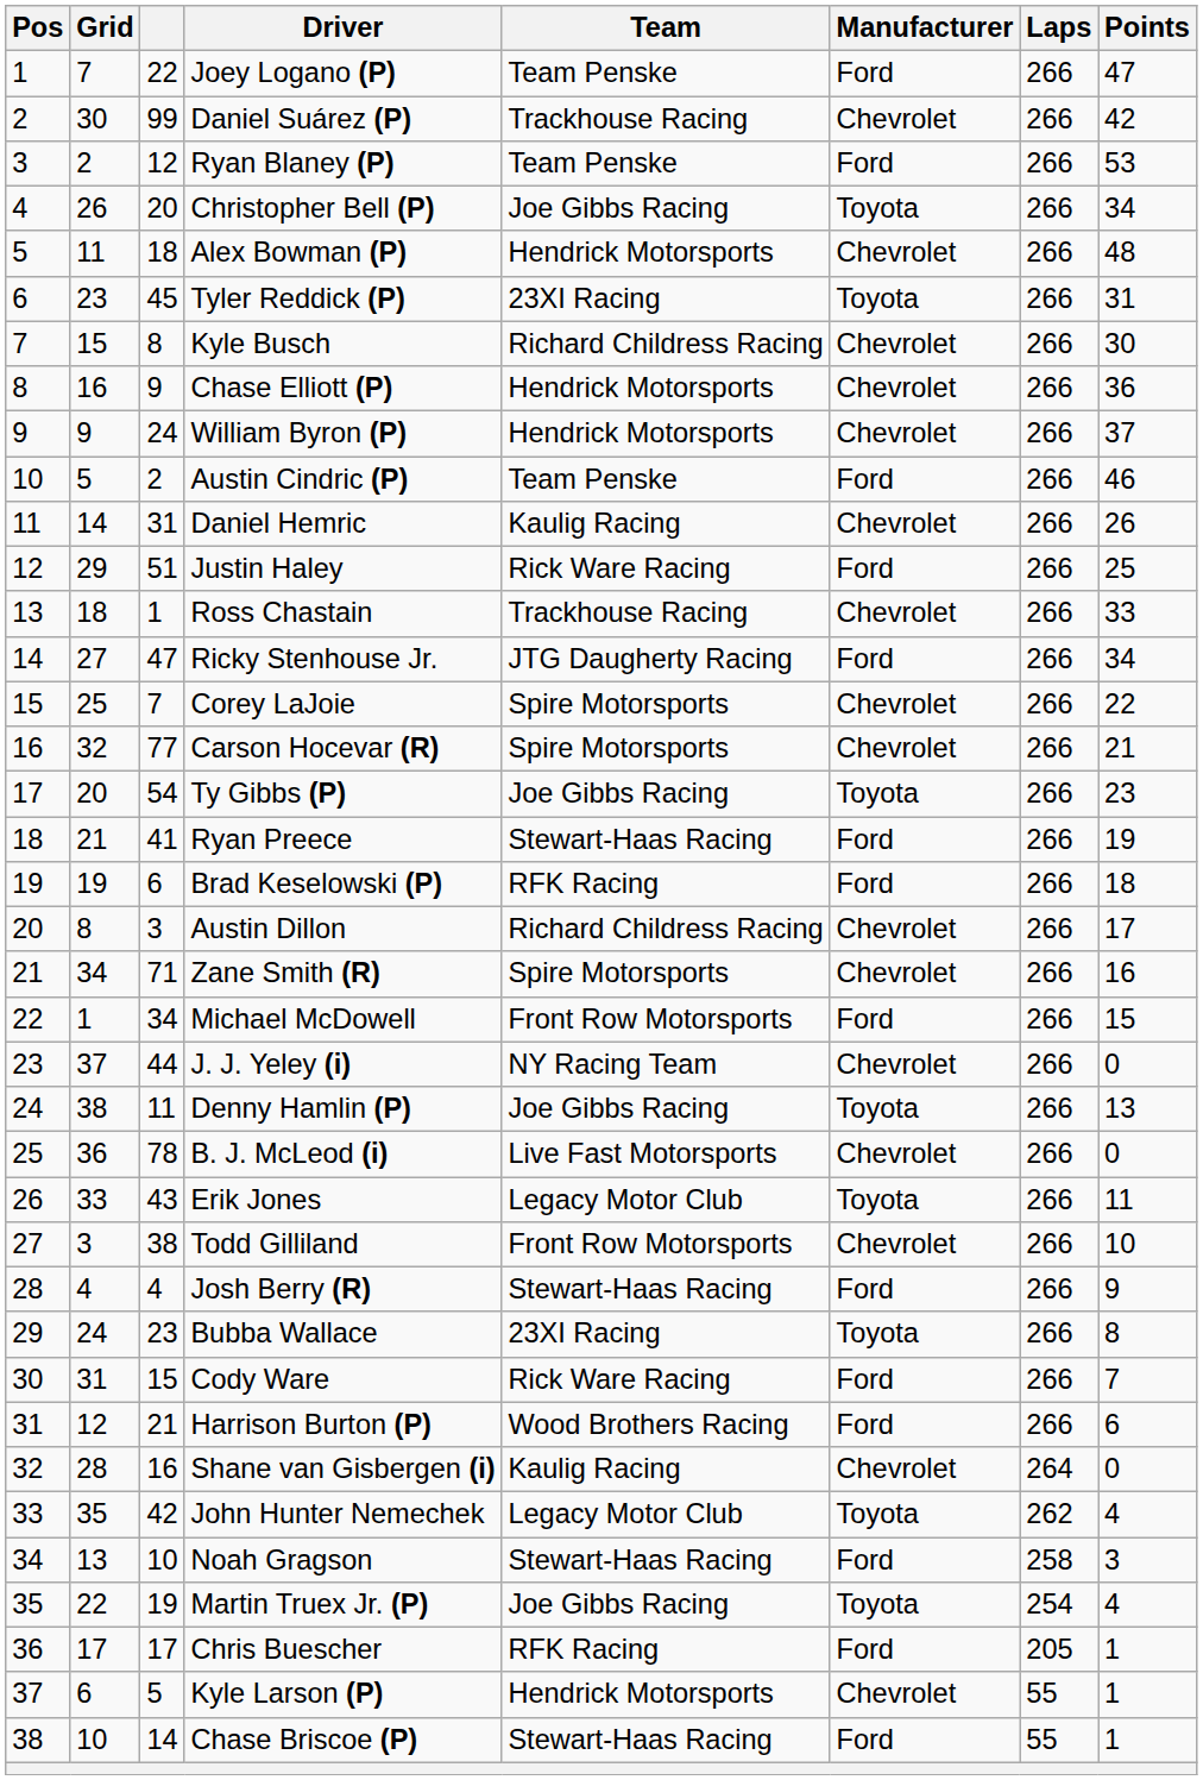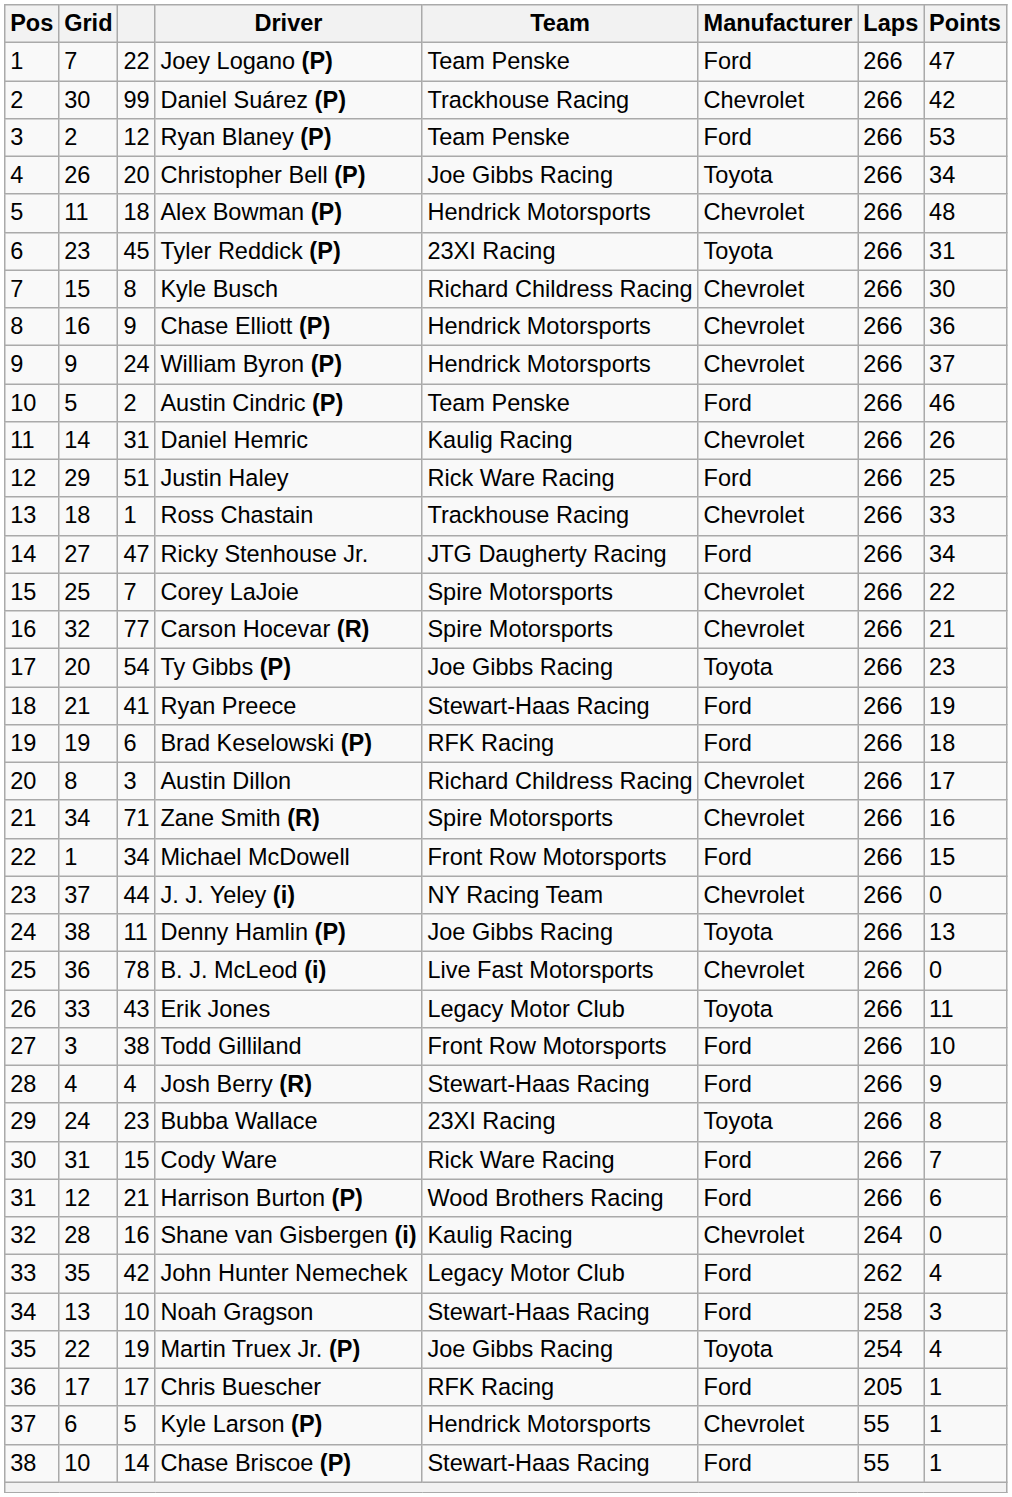 <table class="wikitable" style="font-size:98%">
 <tr>
 <th>Pos</th>
 <th>Grid</th>
 <th></th>
 <th>Driver</th>
 <th>Team</th>
 <th>Manufacturer</th>
 <th>Laps</th>
 <th>Points</th>
 </tr>
 <tr>
 <td>1</td>
 <td>7</td>
 <td>22</td>
 <td>Joey Logano <strong>(P)</strong></td>
 <td>Team Penske</td>
 <td>Ford</td>
 <td>266</td>
 <td>47</td>
 </tr>
 <tr>
 <td>2</td>
 <td>30</td>
 <td>99</td>
 <td>Daniel Suárez <strong>(P)</strong></td>
 <td>Trackhouse Racing</td>
 <td>Chevrolet</td>
 <td>266</td>
 <td>42</td>
 </tr>
 <tr>
 <td>3</td>
 <td>2</td>
 <td>12</td>
 <td>Ryan Blaney <strong>(P)</strong></td>
 <td>Team Penske</td>
 <td>Ford</td>
 <td>266</td>
 <td>53</td>
 </tr>
 <tr>
 <td>4</td>
 <td>26</td>
 <td>20</td>
 <td>Christopher Bell <strong>(P)</strong></td>
 <td>Joe Gibbs Racing</td>
 <td>Toyota</td>
 <td>266</td>
 <td>34</td>
 </tr>
 <tr>
 <td>5</td>
 <td>11</td>
 <td>18</td>
 <td>Alex Bowman <strong>(P)</strong></td>
 <td>Hendrick Motorsports</td>
 <td>Chevrolet</td>
 <td>266</td>
 <td>48</td>
 </tr>
 <tr>
 <td>6</td>
 <td>23</td>
 <td>45</td>
 <td>Tyler Reddick <strong>(P)</strong></td>
 <td>23XI Racing</td>
 <td>Toyota</td>
 <td>266</td>
 <td>31</td>
 </tr>
 <tr>
 <td>7</td>
 <td>15</td>
 <td>8</td>
 <td>Kyle Busch</td>
 <td>Richard Childress Racing</td>
 <td>Chevrolet</td>
 <td>266</td>
 <td>30</td>
 </tr>
 <tr>
 <td>8</td>
 <td>16</td>
 <td>9</td>
 <td>Chase Elliott <strong>(P)</strong></td>
 <td>Hendrick Motorsports</td>
 <td>Chevrolet</td>
 <td>266</td>
 <td>36</td>
 </tr>
 <tr>
 <td>9</td>
 <td>9</td>
 <td>24</td>
 <td>William Byron <strong>(P)</strong></td>
 <td>Hendrick Motorsports</td>
 <td>Chevrolet</td>
 <td>266</td>
 <td>37</td>
 </tr>
 <tr>
 <td>10</td>
 <td>5</td>
 <td>2</td>
 <td>Austin Cindric <strong>(P)</strong></td>
 <td>Team Penske</td>
 <td>Ford</td>
 <td>266</td>
 <td>46</td>
 </tr>
 <tr>
 <td>11</td>
 <td>14</td>
 <td>31</td>
 <td>Daniel Hemric</td>
 <td>Kaulig Racing</td>
 <td>Chevrolet</td>
 <td>266</td>
 <td>26</td>
 </tr>
 <tr>
 <td>12</td>
 <td>29</td>
 <td>51</td>
 <td>Justin Haley</td>
 <td>Rick Ware Racing</td>
 <td>Ford</td>
 <td>266</td>
 <td>25</td>
 </tr>
 <tr>
 <td>13</td>
 <td>18</td>
 <td>1</td>
 <td>Ross Chastain</td>
 <td>Trackhouse Racing</td>
 <td>Chevrolet</td>
 <td>266</td>
 <td>33</td>
 </tr>
 <tr>
 <td>14</td>
 <td>27</td>
 <td>47</td>
 <td>Ricky Stenhouse Jr.</td>
 <td>JTG Daugherty Racing</td>
 <td>Ford</td>
 <td>266</td>
 <td>34</td>
 </tr>
 <tr>
 <td>15</td>
 <td>25</td>
 <td>7</td>
 <td>Corey LaJoie</td>
 <td>Spire Motorsports</td>
 <td>Chevrolet</td>
 <td>266</td>
 <td>22</td>
 </tr>
 <tr>
 <td>16</td>
 <td>32</td>
 <td>77</td>
 <td>Carson Hocevar <strong>(R)</strong></td>
 <td>Spire Motorsports</td>
 <td>Chevrolet</td>
 <td>266</td>
 <td>21</td>
 </tr>
 <tr>
 <td>17</td>
 <td>20</td>
 <td>54</td>
 <td>Ty Gibbs <strong>(P)</strong></td>
 <td>Joe Gibbs Racing</td>
 <td>Toyota</td>
 <td>266</td>
 <td>23</td>
 </tr>
 <tr>
 <td>18</td>
 <td>21</td>
 <td>41</td>
 <td>Ryan Preece</td>
 <td>Stewart-Haas Racing</td>
 <td>Ford</td>
 <td>266</td>
 <td>19</td>
 </tr>
 <tr>
 <td>19</td>
 <td>19</td>
 <td>6</td>
 <td>Brad Keselowski <strong>(P)</strong></td>
 <td>RFK Racing</td>
 <td>Ford</td>
 <td>266</td>
 <td>18</td>
 </tr>
 <tr>
 <td>20</td>
 <td>8</td>
 <td>3</td>
 <td>Austin Dillon</td>
 <td>Richard Childress Racing</td>
 <td>Chevrolet</td>
 <td>266</td>
 <td>17</td>
 </tr>
 <tr>
 <td>21</td>
 <td>34</td>
 <td>71</td>
 <td>Zane Smith <strong>(R)</strong></td>
 <td>Spire Motorsports</td>
 <td>Chevrolet</td>
 <td>266</td>
 <td>16</td>
 </tr>
 <tr>
 <td>22</td>
 <td>1</td>
 <td>34</td>
 <td>Michael McDowell</td>
 <td>Front Row Motorsports</td>
 <td>Ford</td>
 <td>266</td>
 <td>15</td>
 </tr>
 <tr>
 <td>23</td>
 <td>37</td>
 <td>44</td>
 <td>J. J. Yeley <strong>(i)</strong></td>
 <td>NY Racing Team</td>
 <td>Chevrolet</td>
 <td>266</td>
 <td>0</td>
 </tr>
 <tr>
 <td>24</td>
 <td>38</td>
 <td>11</td>
 <td>Denny Hamlin <strong>(P)</strong></td>
 <td>Joe Gibbs Racing</td>
 <td>Toyota</td>
 <td>266</td>
 <td>13</td>
 </tr>
 <tr>
 <td>25</td>
 <td>36</td>
 <td>78</td>
 <td>B. J. McLeod <strong>(i)</strong></td>
 <td>Live Fast Motorsports</td>
 <td>Chevrolet</td>
 <td>266</td>
 <td>0</td>
 </tr>
 <tr>
 <td>26</td>
 <td>33</td>
 <td>43</td>
 <td>Erik Jones</td>
 <td>Legacy Motor Club</td>
 <td>Toyota</td>
 <td>266</td>
 <td>11</td>
 </tr>
 <tr>
 <td>27</td>
 <td>3</td>
 <td>38</td>
 <td>Todd Gilliland</td>
 <td>Front Row Motorsports</td>
-<td>Chevrolet</td>
+<td>Ford</td>
 <td>266</td>
 <td>10</td>
 </tr>
 <tr>
 <td>28</td>
 <td>4</td>
 <td>4</td>
 <td>Josh Berry <strong>(R)</strong></td>
 <td>Stewart-Haas Racing</td>
 <td>Ford</td>
 <td>266</td>
 <td>9</td>
 </tr>
 <tr>
 <td>29</td>
 <td>24</td>
 <td>23</td>
 <td>Bubba Wallace</td>
 <td>23XI Racing</td>
 <td>Toyota</td>
 <td>266</td>
 <td>8</td>
 </tr>
 <tr>
 <td>30</td>
 <td>31</td>
 <td>15</td>
 <td>Cody Ware</td>
 <td>Rick Ware Racing</td>
 <td>Ford</td>
 <td>266</td>
 <td>7</td>
 </tr>
 <tr>
 <td>31</td>
 <td>12</td>
 <td>21</td>
 <td>Harrison Burton <strong>(P)</strong></td>
 <td>Wood Brothers Racing</td>
 <td>Ford</td>
 <td>266</td>
 <td>6</td>
 </tr>
 <tr>
 <td>32</td>
 <td>28</td>
 <td>16</td>
 <td>Shane van Gisbergen <strong>(i)</strong></td>
 <td>Kaulig Racing</td>
 <td>Chevrolet</td>
 <td>264</td>
 <td>0</td>
 </tr>
 <tr>
 <td>33</td>
 <td>35</td>
 <td>42</td>
 <td>John Hunter Nemechek</td>
 <td>Legacy Motor Club</td>
-<td>Toyota</td>
+<td>Ford</td>
 <td>262</td>
 <td>4</td>
 </tr>
 <tr>
 <td>34</td>
 <td>13</td>
 <td>10</td>
 <td>Noah Gragson</td>
 <td>Stewart-Haas Racing</td>
 <td>Ford</td>
 <td>258</td>
 <td>3</td>
 </tr>
 <tr>
 <td>35</td>
 <td>22</td>
 <td>19</td>
 <td>Martin Truex Jr. <strong>(P)</strong></td>
 <td>Joe Gibbs Racing</td>
 <td>Toyota</td>
 <td>254</td>
 <td>4</td>
 </tr>
 <tr>
 <td>36</td>
 <td>17</td>
 <td>17</td>
 <td>Chris Buescher</td>
 <td>RFK Racing</td>
 <td>Ford</td>
 <td>205</td>
 <td>1</td>
 </tr>
 <tr>
 <td>37</td>
 <td>6</td>
 <td>5</td>
 <td>Kyle Larson <strong>(P)</strong></td>
 <td>Hendrick Motorsports</td>
 <td>Chevrolet</td>
 <td>55</td>
 <td>1</td>
 </tr>
 <tr>
 <td>38</td>
 <td>10</td>
 <td>14</td>
 <td>Chase Briscoe <strong>(P)</strong></td>
 <td>Stewart-Haas Racing</td>
 <td>Ford</td>
 <td>55</td>
 <td>1</td>
 </tr>
 <tr>
 <th colspan="8"></th>
 </tr>
 </table>
